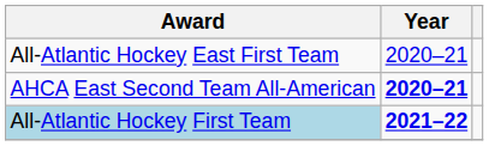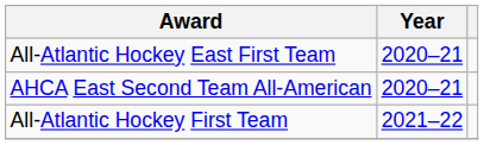 <table class="wikitable">
 <tr>
 <th>Award</th>
 <th>Year</th>
 <th></th>
 </tr>
 <tr>
 <td>All-<a href='#'>Atlantic Hockey</a> <a href='#'>East First Team</a></td>
 <td><a href='#'>2020–21</a></td>
 <td></td>
 </tr>
 <tr>
 <td><a href='#'>AHCA</a> <a href='#'>East Second Team All-American</a></td>
-<td><strong><a href='#'>2020–21</a></strong></td>
+<td><a href='#'>2020–21</a></td>
 <td></td>
 </tr>
 <tr>
-<td style="background: lightblue;">All-<a href='#'>Atlantic Hockey</a> <a href='#'>First Team</a></td>
-<td><strong><a href='#'>2021–22</a></strong></td>
+<td>All-<a href='#'>Atlantic Hockey</a> <a href='#'>First Team</a></td>
+<td><a href='#'>2021–22</a></td>
 <td></td>
 </tr>
 <tr>
 </tr>
 </table>
